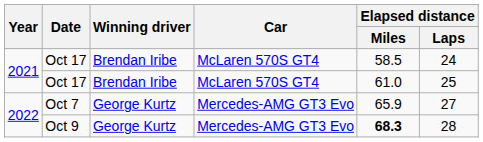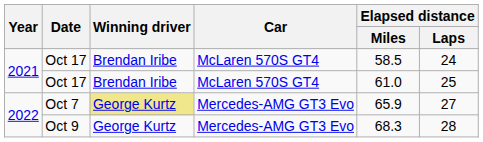 <table class="wikitable" style="font-size: 95%;">
 <tr>
 <th rowspan="2" style="text-align:center">Year</th>
 <th rowspan="2" style="text-align:center">Date</th>
 <th rowspan="2" style="text-align:center">Winning driver</th>
 <th rowspan="2" style="text-align:center">Car</th>
 <th colspan="2" style="text-align:center">Elapsed distance</th>
 </tr>
 <tr>
 <th style="text-align:center">Miles</th>
 <th style="text-align:center">Laps</th>
 </tr>
 <tr>
 <td rowspan="2"><a href='#'>2021</a></td>
 <td>Oct 17</td>
 <td> <a href='#'>Brendan Iribe</a></td>
 <td><a href='#'>McLaren 570S GT4</a></td>
 <td style="text-align:center">58.5</td>
 <td style="text-align:center">24</td>
 </tr>
 <tr>
 <td>Oct 17</td>
 <td> <a href='#'>Brendan Iribe</a></td>
 <td><a href='#'>McLaren 570S GT4</a></td>
 <td style="text-align:center">61.0</td>
 <td style="text-align:center">25</td>
 </tr>
 <tr>
 <td rowspan="2"><a href='#'>2022</a></td>
 <td>Oct 7</td>
-<td> <a href='#'>George Kurtz</a></td>
+<td style="background: khaki;"> <a href='#'>George Kurtz</a></td>
 <td><a href='#'>Mercedes-AMG GT3 Evo</a></td>
 <td style="text-align:center">65.9</td>
 <td style="text-align:center">27</td>
 </tr>
 <tr>
 <td>Oct 9</td>
 <td> <a href='#'>George Kurtz</a></td>
 <td><a href='#'>Mercedes-AMG GT3 Evo</a></td>
-<td style="text-align:center"><strong>68.3</strong></td>
+<td style="text-align:center">68.3</td>
 <td style="text-align:center">28</td>
 </tr>
 </table>
